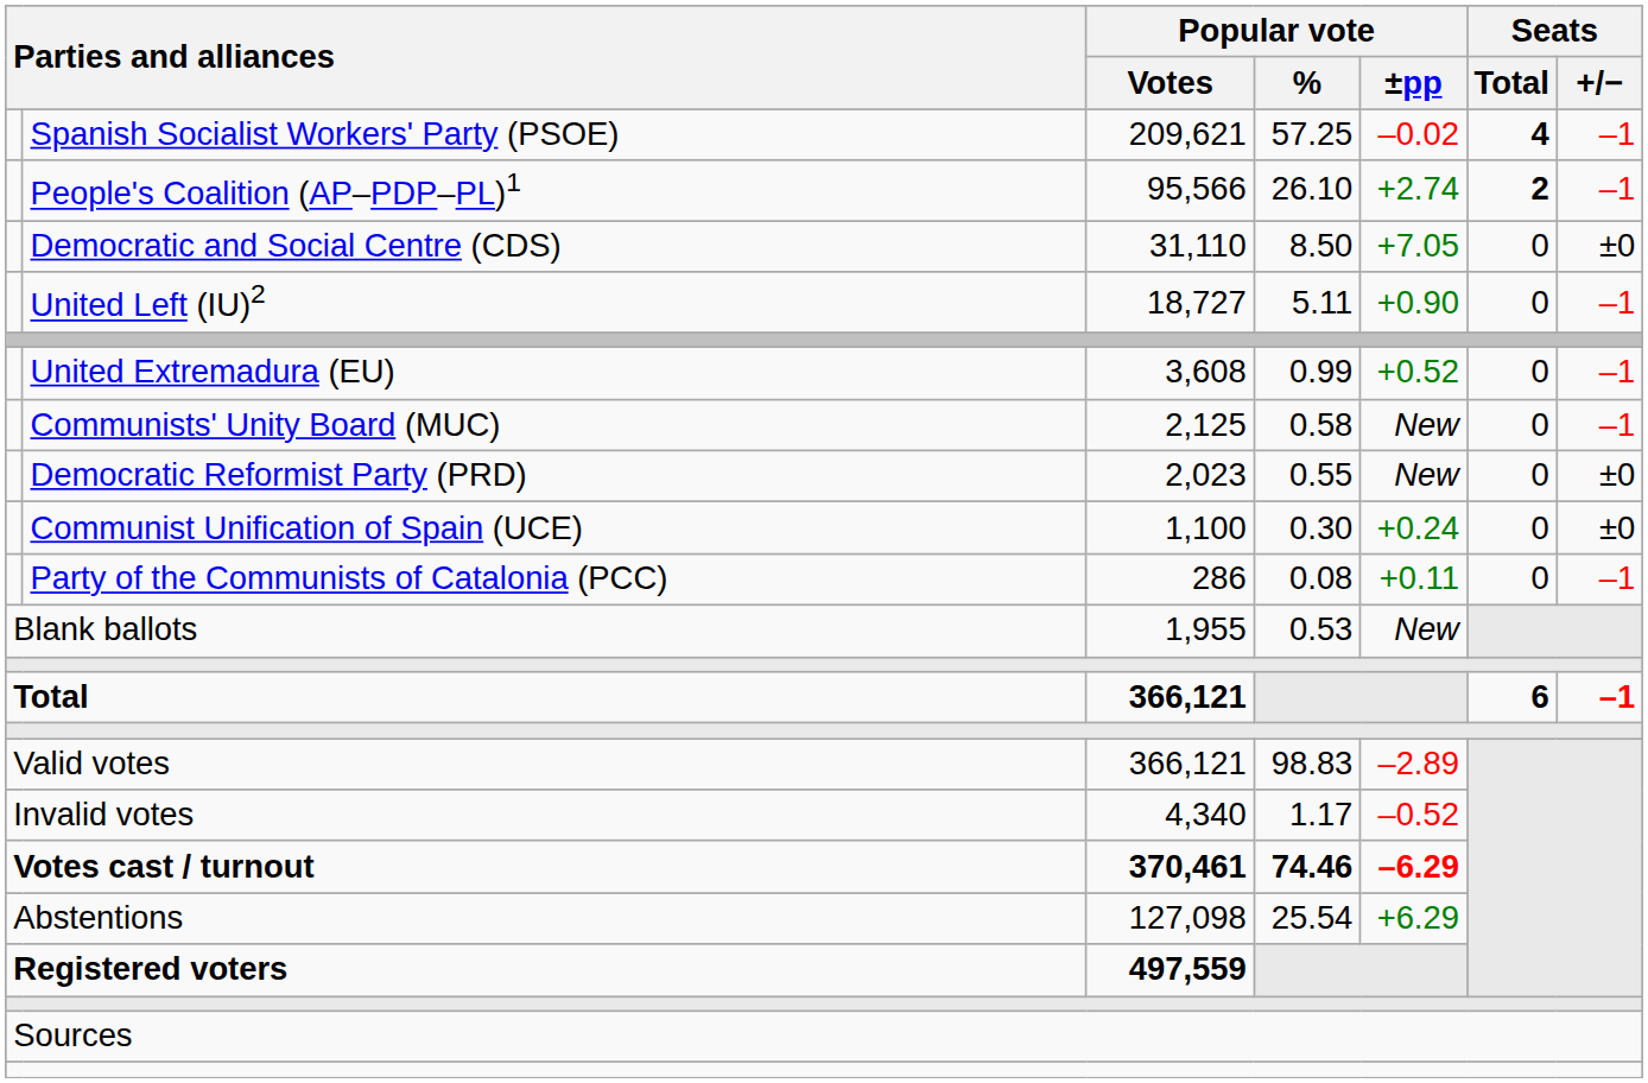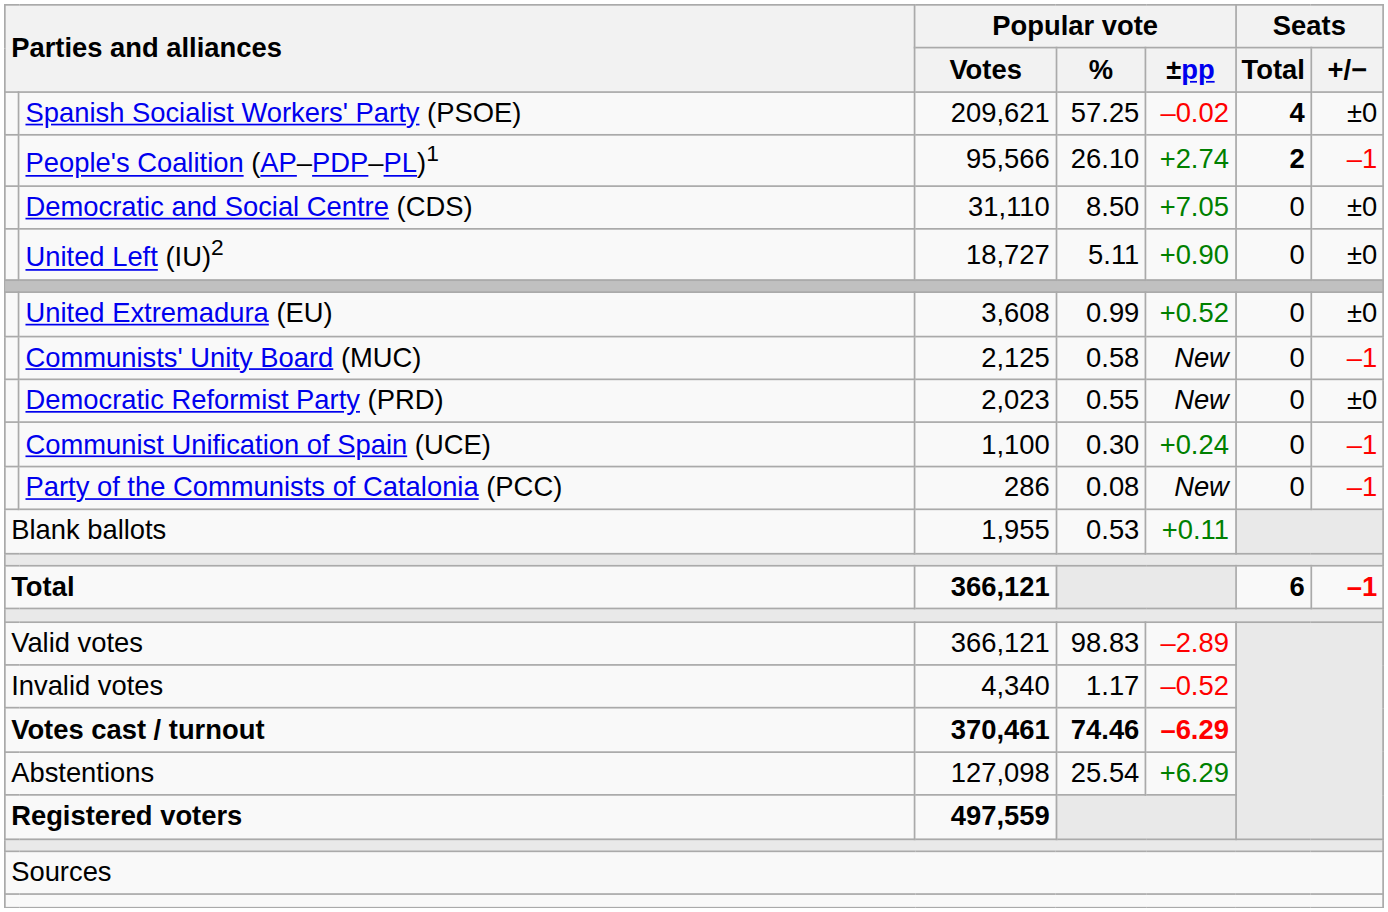 <table class="wikitable" style="text-align:right;">
 <tr>
 <th style="text-align:left;" rowspan="2" colspan="2" width="525">Parties and alliances</th>
 <th colspan="3">Popular vote</th>
 <th colspan="2">Seats</th>
 </tr>
 <tr>
 <th width="75">Votes</th>
 <th width="45">%</th>
 <th width="45">±<a href='#'>pp</a></th>
 <th width="35">Total</th>
 <th width="35">+/−</th>
 </tr>
 <tr>
 <td width="1" style="color:inherit;background:"></td>
 <td align="left"><a href='#'>Spanish Socialist Workers' Party</a> (PSOE)</td>
 <td>209,621</td>
 <td>57.25</td>
 <td style="color:red;">–0.02</td>
 <td><strong>4</strong></td>
-<td style="color:red;">–1</td>
+<td>±0</td>
 </tr>
 <tr>
 <td style="color:inherit;background:"></td>
 <td align="left"><a href='#'>People's Coalition</a> (<a href='#'>AP</a>–<a href='#'>PDP</a>–<a href='#'>PL</a>)<sup>1</sup></td>
 <td>95,566</td>
 <td>26.10</td>
 <td style="color:green;">+2.74</td>
 <td><strong>2</strong></td>
 <td style="color:red;">–1</td>
 </tr>
 <tr>
 <td style="color:inherit;background:"></td>
 <td align="left"><a href='#'>Democratic and Social Centre</a> (CDS)</td>
 <td>31,110</td>
 <td>8.50</td>
 <td style="color:green;">+7.05</td>
 <td>0</td>
 <td>±0</td>
 </tr>
 <tr>
 <td style="color:inherit;background:"></td>
 <td align="left"><a href='#'>United Left</a> (IU)<sup>2</sup></td>
 <td>18,727</td>
 <td>5.11</td>
 <td style="color:green;">+0.90</td>
 <td>0</td>
-<td style="color:red;">–1</td>
+<td>±0</td>
 </tr>
 <tr>
 <td colspan="7" bgcolor="#C0C0C0"></td>
 </tr>
 <tr>
 <td style="color:inherit;background:"></td>
 <td align="left"><a href='#'>United Extremadura</a> (EU)</td>
 <td>3,608</td>
 <td>0.99</td>
 <td style="color:green;">+0.52</td>
 <td>0</td>
-<td style="color:red;">–1</td>
+<td>±0</td>
 </tr>
 <tr>
 <td style="color:inherit;background:"></td>
 <td align="left"><a href='#'>Communists' Unity Board</a> (MUC)</td>
 <td>2,125</td>
 <td>0.58</td>
 <td><em>New</em></td>
 <td>0</td>
 <td style="color:red;">–1</td>
 </tr>
 <tr>
 <td style="color:inherit;background:"></td>
 <td align="left"><a href='#'>Democratic Reformist Party</a> (PRD)</td>
 <td>2,023</td>
 <td>0.55</td>
 <td><em>New</em></td>
 <td>0</td>
 <td>±0</td>
 </tr>
 <tr>
 <td style="color:inherit;background:"></td>
 <td align="left"><a href='#'>Communist Unification of Spain</a> (UCE)</td>
 <td>1,100</td>
 <td>0.30</td>
 <td style="color:green;">+0.24</td>
 <td>0</td>
-<td>±0</td>
+<td style="color:red;">–1</td>
 </tr>
 <tr>
 <td style="color:inherit;background:"></td>
 <td align="left"><a href='#'>Party of the Communists of Catalonia</a> (PCC)</td>
 <td>286</td>
 <td>0.08</td>
-<td style="color:green;">+0.11</td>
+<td><em>New</em></td>
 <td>0</td>
 <td style="color:red;">–1</td>
 </tr>
 <tr>
 <td align="left" colspan="2">Blank ballots</td>
 <td>1,955</td>
 <td>0.53</td>
-<td><em>New</em></td>
+<td style="color:green;">+0.11</td>
 <td bgcolor="#E9E9E9" colspan="2"></td>
 </tr>
 <tr>
 <td colspan="7" bgcolor="#E9E9E9"></td>
 </tr>
 <tr style="font-weight:bold;">
 <td align="left" colspan="2">Total</td>
 <td>366,121</td>
 <td bgcolor="#E9E9E9" colspan="2"></td>
 <td>6</td>
 <td style="color:red;">–1</td>
 </tr>
 <tr>
 <td colspan="7" bgcolor="#E9E9E9"></td>
 </tr>
 <tr>
 <td align="left" colspan="2">Valid votes</td>
 <td>366,121</td>
 <td>98.83</td>
 <td style="color:red;">–2.89</td>
 <td bgcolor="#E9E9E9" colspan="2" rowspan="5"></td>
 </tr>
 <tr>
 <td align="left" colspan="2">Invalid votes</td>
 <td>4,340</td>
 <td>1.17</td>
 <td style="color:red;">–0.52</td>
 </tr>
 <tr style="font-weight:bold;">
 <td align="left" colspan="2">Votes cast / turnout</td>
 <td>370,461</td>
 <td>74.46</td>
 <td style="color:red;">–6.29</td>
 </tr>
 <tr>
 <td align="left" colspan="2">Abstentions</td>
 <td>127,098</td>
 <td>25.54</td>
 <td style="color:green;">+6.29</td>
 </tr>
 <tr style="font-weight:bold;">
 <td align="left" colspan="2">Registered voters</td>
 <td>497,559</td>
 <td bgcolor="#E9E9E9" colspan="2"></td>
 </tr>
 <tr>
 <td colspan="7" bgcolor="#E9E9E9"></td>
 </tr>
 <tr>
 <td align="left" colspan="7">Sources</td>
 </tr>
 <tr>
 <td colspan="7" style="text-align:left; max-width:790px;"></td>
 </tr>
 </table>
